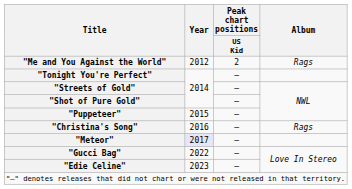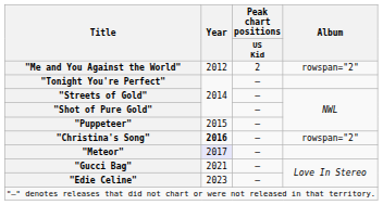 <table class="wikitable plainrowheaders" style="text-align:center;">
 <tr>
 <th rowspan="2" scope="col">Title</th>
 <th rowspan="2" scope="col">Year</th>
 <th scope="col">Peak chart positions</th>
 <th rowspan="2" scope="col">Album</th>
 </tr>
 <tr>
 <th scope="col" style="width:3em;font-size:90%;">US<br>Kid<br></th>
 </tr>
 <tr>
 <th scope="row">"Me and You Against the World"<br></th>
 <td>2012</td>
 <td>2</td>
-<td><em>Rags</em></td>
+<td>rowspan="2" </td>
 </tr>
 <tr>
 <th scope="row">"Tonight You're Perfect"</th>
 <td rowspan="3">2014</td>
 <td>—</td>
 <td></td>
 </tr>
 <tr>
 <th scope="row">"Streets of Gold"</th>
 <td>—</td>
 <td rowspan="3"><em>NWL</em></td>
 </tr>
 <tr>
 <th scope="row">"Shot of Pure Gold"</th>
 <td>—</td>
 </tr>
 <tr>
 <th scope="row">"Puppeteer"</th>
 <td>2015</td>
 <td>—</td>
 </tr>
 <tr>
 <th scope="row">"Christina's Song"</th>
-<td>2016</td>
+<td><strong>2016</strong></td>
 <td>—</td>
-<td><em>Rags</em></td>
+<td>rowspan="2" </td>
 </tr>
 <tr>
 <th scope="row">"Meteor"</th>
 <td style="background: lavender;">2017</td>
 <td>—</td>
 </tr>
 <tr>
 <th scope="row">"Gucci Bag"</th>
-<td rowspan="1">2022</td>
+<td rowspan="1">2021</td>
 <td>—</td>
 <td rowspan="2"><em>Love In Stereo</em></td>
 </tr>
 <tr>
 <th scope="row">"Edie Celine"</th>
 <td>2023</td>
 <td>—</td>
 </tr>
 <tr>
 <td colspan="4" style="text-align:center; font-size:90%;">"—" denotes releases that did not chart or were not released in that territory.</td>
 </tr>
 </table>
